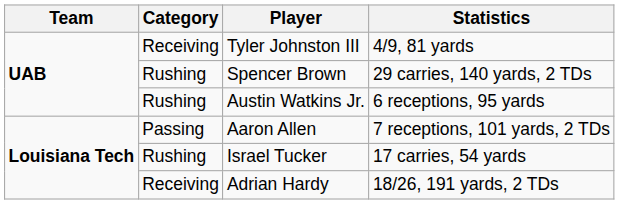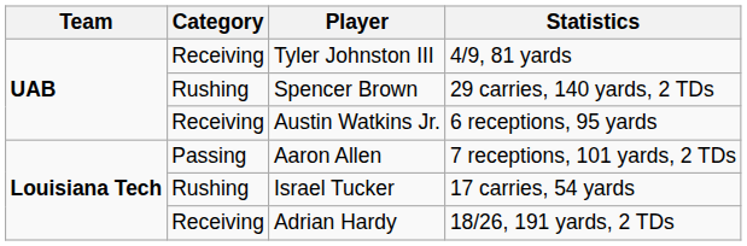 <table class="wikitable" style="float: left;">
 <tr>
 <th>Team</th>
 <th>Category</th>
 <th>Player</th>
 <th>Statistics</th>
 </tr>
 <tr>
 <td rowspan=3><strong>UAB</strong></td>
 <td>Receiving</td>
 <td>Tyler Johnston III</td>
 <td>4/9, 81 yards</td>
 </tr>
 <tr>
 <td>Rushing</td>
 <td>Spencer Brown</td>
 <td>29 carries, 140 yards, 2 TDs</td>
 </tr>
 <tr>
-<td>Rushing</td>
+<td>Receiving</td>
 <td>Austin Watkins Jr.</td>
 <td>6 receptions, 95 yards</td>
 </tr>
 <tr>
 <td rowspan=3><strong>Louisiana Tech</strong></td>
 <td>Passing</td>
 <td>Aaron Allen</td>
 <td>7 receptions, 101 yards, 2 TDs</td>
 </tr>
 <tr>
 <td>Rushing</td>
 <td>Israel Tucker</td>
 <td>17 carries, 54 yards</td>
 </tr>
 <tr>
 <td>Receiving</td>
 <td>Adrian Hardy</td>
 <td>18/26, 191 yards, 2 TDs</td>
 </tr>
 </table>
